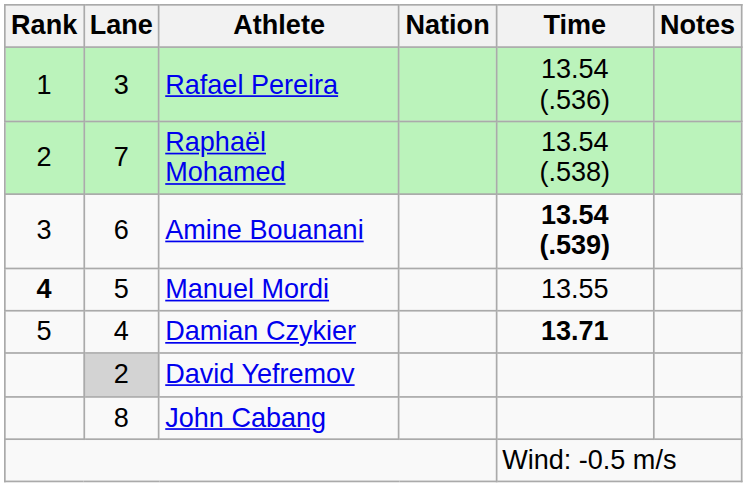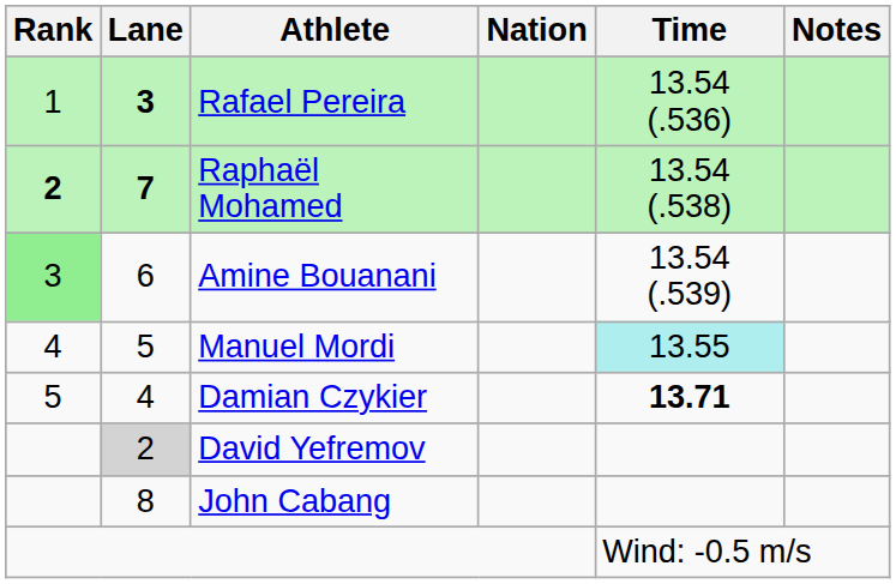 <table class="wikitable sortable" style="text-align:center;width: 70%;">
 <tr>
 <th>Rank</th>
 <th>Lane</th>
 <th>Athlete</th>
 <th>Nation</th>
 <th>Time</th>
 <th>Notes</th>
 </tr>
 <tr bgcolor=bbf3bb>
 <td>1</td>
-<td>3</td>
+<td><strong>3</strong></td>
 <td align=left><a href='#'>Rafael Pereira</a></td>
 <td align=left></td>
 <td>13.54 (.536)</td>
 <td></td>
 </tr>
 <tr bgcolor=bbf3bb>
-<td>2</td>
-<td>7</td>
+<td><strong>2</strong></td>
+<td><strong>7</strong></td>
 <td align=left><a href='#'>Raphaël Mohamed</a></td>
 <td align=left></td>
 <td>13.54 (.538)</td>
 <td></td>
 </tr>
 <tr>
-<td>3</td>
+<td style="background: lightgreen;">3</td>
 <td>6</td>
 <td align=left><a href='#'>Amine Bouanani</a></td>
 <td align=left></td>
-<td><strong>13.54 (.539)</strong></td>
+<td>13.54 (.539)</td>
 <td></td>
 </tr>
 <tr>
-<td><strong>4</strong></td>
+<td>4</td>
 <td>5</td>
 <td align=left><a href='#'>Manuel Mordi</a></td>
 <td align=left></td>
-<td>13.55</td>
+<td style="background: paleturquoise;">13.55</td>
 <td></td>
 </tr>
 <tr>
 <td>5</td>
 <td>4</td>
 <td align=left><a href='#'>Damian Czykier</a></td>
 <td align=left></td>
 <td><strong>13.71</strong></td>
 <td></td>
 </tr>
 <tr>
 <td></td>
 <td style="background: lightgrey;">2</td>
 <td align=left><a href='#'>David Yefremov</a></td>
 <td align=left></td>
 <td></td>
 <td></td>
 </tr>
 <tr>
 <td></td>
 <td>8</td>
 <td align=left><a href='#'>John Cabang</a></td>
 <td align=left></td>
 <td></td>
 <td></td>
 </tr>
 <tr class="sortbottom">
 <td colspan="4"></td>
 <td colspan="2" style="text-align:left;">Wind: -0.5 m/s</td>
 </tr>
 </table>
